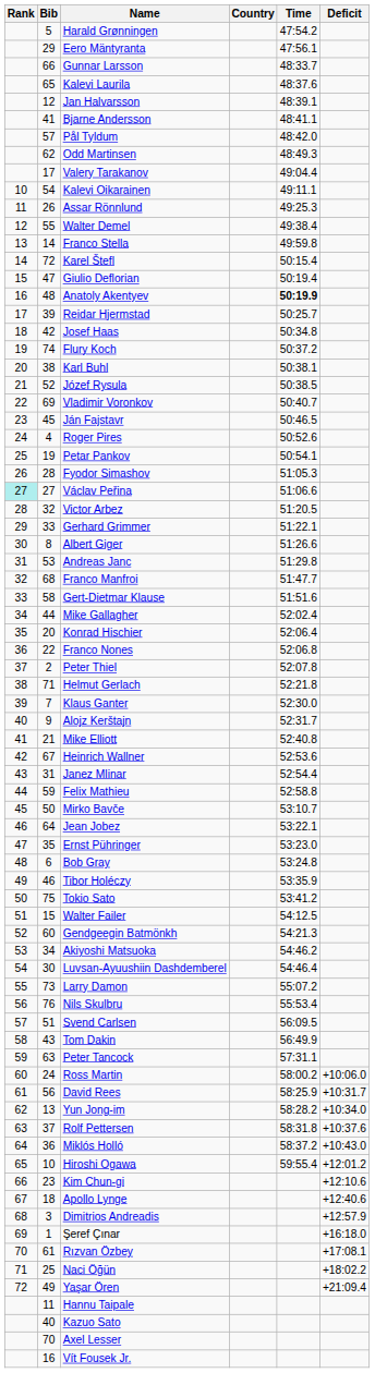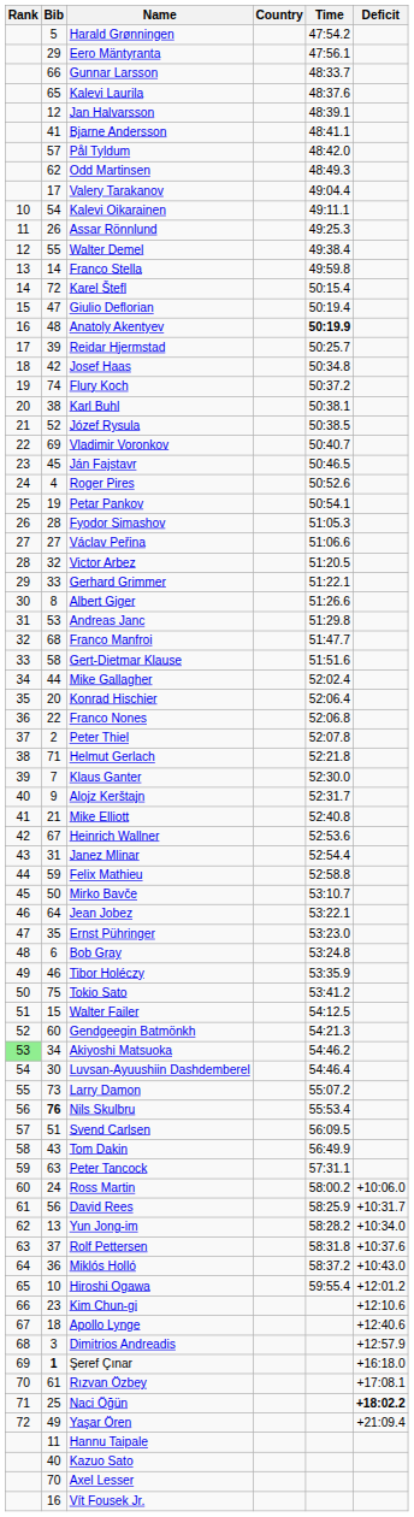 <table class="wikitable sortable" style="text-align:center">
 <tr>
 <th>Rank</th>
 <th>Bib</th>
 <th>Name</th>
 <th>Country</th>
 <th>Time</th>
 <th>Deficit</th>
 </tr>
 <tr>
 <td></td>
 <td>5</td>
 <td align="left"><a href='#'>Harald Grønningen</a></td>
 <td align="left"></td>
 <td>47:54.2</td>
 <td></td>
 </tr>
 <tr>
 <td></td>
 <td>29</td>
 <td align="left"><a href='#'>Eero Mäntyranta</a></td>
 <td align="left"></td>
 <td>47:56.1</td>
 <td align=right></td>
 </tr>
 <tr>
 <td></td>
 <td>66</td>
 <td align="left"><a href='#'>Gunnar Larsson</a></td>
 <td align="left"></td>
 <td>48:33.7</td>
 <td align=right></td>
 </tr>
 <tr>
 <td></td>
 <td>65</td>
 <td align="left"><a href='#'>Kalevi Laurila</a></td>
 <td align="left"></td>
 <td>48:37.6</td>
 <td align=right></td>
 </tr>
 <tr>
 <td></td>
 <td>12</td>
 <td align="left"><a href='#'>Jan Halvarsson</a></td>
 <td align="left"></td>
 <td>48:39.1</td>
 <td align=right></td>
 </tr>
 <tr>
 <td></td>
 <td>41</td>
 <td align="left"><a href='#'>Bjarne Andersson</a></td>
 <td align="left"></td>
 <td>48:41.1</td>
 <td align=right></td>
 </tr>
 <tr>
 <td></td>
 <td>57</td>
 <td align="left"><a href='#'>Pål Tyldum</a></td>
 <td align="left"></td>
 <td>48:42.0</td>
 <td align=right></td>
 </tr>
 <tr>
 <td></td>
 <td>62</td>
 <td align="left"><a href='#'>Odd Martinsen</a></td>
 <td align="left"></td>
 <td>48:49.3</td>
 <td align=right></td>
 </tr>
 <tr>
 <td></td>
 <td>17</td>
 <td align="left"><a href='#'>Valery Tarakanov</a></td>
 <td align="left"></td>
 <td>49:04.4</td>
 <td align=right></td>
 </tr>
 <tr>
 <td>10</td>
 <td>54</td>
 <td align="left"><a href='#'>Kalevi Oikarainen</a></td>
 <td align="left"></td>
 <td>49:11.1</td>
 <td align=right></td>
 </tr>
 <tr>
 <td>11</td>
 <td>26</td>
 <td align="left"><a href='#'>Assar Rönnlund</a></td>
 <td align="left"></td>
 <td>49:25.3</td>
 <td align=right></td>
 </tr>
 <tr>
 <td>12</td>
 <td>55</td>
 <td align="left"><a href='#'>Walter Demel</a></td>
 <td align="left"></td>
 <td>49:38.4</td>
 <td align=right></td>
 </tr>
 <tr>
 <td>13</td>
 <td>14</td>
 <td align="left"><a href='#'>Franco Stella</a></td>
 <td align="left"></td>
 <td>49:59.8</td>
 <td align=right></td>
 </tr>
 <tr>
 <td>14</td>
 <td>72</td>
 <td align="left"><a href='#'>Karel Štefl</a></td>
 <td align="left"></td>
 <td>50:15.4</td>
 <td align=right></td>
 </tr>
 <tr>
 <td>15</td>
 <td>47</td>
 <td align="left"><a href='#'>Giulio Deflorian</a></td>
 <td align="left"></td>
 <td>50:19.4</td>
 <td align=right></td>
 </tr>
 <tr>
 <td>16</td>
 <td>48</td>
 <td align="left"><a href='#'>Anatoly Akentyev</a></td>
 <td align="left"></td>
 <td><strong>50:19.9</strong></td>
 <td align=right></td>
 </tr>
 <tr>
 <td>17</td>
 <td>39</td>
 <td align="left"><a href='#'>Reidar Hjermstad</a></td>
 <td align="left"></td>
 <td>50:25.7</td>
 <td align=right></td>
 </tr>
 <tr>
 <td>18</td>
 <td>42</td>
 <td align="left"><a href='#'>Josef Haas</a></td>
 <td align="left"></td>
 <td>50:34.8</td>
 <td align=right></td>
 </tr>
 <tr>
 <td>19</td>
 <td>74</td>
 <td align="left"><a href='#'>Flury Koch</a></td>
 <td align="left"></td>
 <td>50:37.2</td>
 <td align=right></td>
 </tr>
 <tr>
 <td>20</td>
 <td>38</td>
 <td align="left"><a href='#'>Karl Buhl</a></td>
 <td align="left"></td>
 <td>50:38.1</td>
 <td align=right></td>
 </tr>
 <tr>
 <td>21</td>
 <td>52</td>
 <td align="left"><a href='#'>Józef Rysula</a></td>
 <td align="left"></td>
 <td>50:38.5</td>
 <td align=right></td>
 </tr>
 <tr>
 <td>22</td>
 <td>69</td>
 <td align="left"><a href='#'>Vladimir Voronkov</a></td>
 <td align="left"></td>
 <td>50:40.7</td>
 <td align=right></td>
 </tr>
 <tr>
 <td>23</td>
 <td>45</td>
 <td align="left"><a href='#'>Ján Fajstavr</a></td>
 <td align="left"></td>
 <td>50:46.5</td>
 <td align=right></td>
 </tr>
 <tr>
 <td>24</td>
 <td>4</td>
 <td align="left"><a href='#'>Roger Pires</a></td>
 <td align="left"></td>
 <td>50:52.6</td>
 <td align=right></td>
 </tr>
 <tr>
 <td>25</td>
 <td>19</td>
 <td align="left"><a href='#'>Petar Pankov</a></td>
 <td align="left"></td>
 <td>50:54.1</td>
 <td align=right></td>
 </tr>
 <tr>
 <td>26</td>
 <td>28</td>
 <td align="left"><a href='#'>Fyodor Simashov</a></td>
 <td align="left"></td>
 <td>51:05.3</td>
 <td align=right></td>
 </tr>
 <tr>
-<td style="background: paleturquoise;">27</td>
+<td>27</td>
 <td>27</td>
 <td align="left"><a href='#'>Václav Peřina</a></td>
 <td align="left"></td>
 <td>51:06.6</td>
 <td align=right></td>
 </tr>
 <tr>
 <td>28</td>
 <td>32</td>
 <td align="left"><a href='#'>Victor Arbez</a></td>
 <td align="left"></td>
 <td>51:20.5</td>
 <td align=right></td>
 </tr>
 <tr>
 <td>29</td>
 <td>33</td>
 <td align="left"><a href='#'>Gerhard Grimmer</a></td>
 <td align="left"></td>
 <td>51:22.1</td>
 <td align=right></td>
 </tr>
 <tr>
 <td>30</td>
 <td>8</td>
 <td align="left"><a href='#'>Albert Giger</a></td>
 <td align="left"></td>
 <td>51:26.6</td>
 <td align=right></td>
 </tr>
 <tr>
 <td>31</td>
 <td>53</td>
 <td align="left"><a href='#'>Andreas Janc</a></td>
 <td align="left"></td>
 <td>51:29.8</td>
 <td align=right></td>
 </tr>
 <tr>
 <td>32</td>
 <td>68</td>
 <td align="left"><a href='#'>Franco Manfroi</a></td>
 <td align="left"></td>
 <td>51:47.7</td>
 <td align=right></td>
 </tr>
 <tr>
 <td>33</td>
 <td>58</td>
 <td align="left"><a href='#'>Gert-Dietmar Klause</a></td>
 <td align="left"></td>
 <td>51:51.6</td>
 <td align=right></td>
 </tr>
 <tr>
 <td>34</td>
 <td>44</td>
 <td align="left"><a href='#'>Mike Gallagher</a></td>
 <td align="left"></td>
 <td>52:02.4</td>
 <td align=right></td>
 </tr>
 <tr>
 <td>35</td>
 <td>20</td>
 <td align="left"><a href='#'>Konrad Hischier</a></td>
 <td align="left"></td>
 <td>52:06.4</td>
 <td align=right></td>
 </tr>
 <tr>
 <td>36</td>
 <td>22</td>
 <td align="left"><a href='#'>Franco Nones</a></td>
 <td align="left"></td>
 <td>52:06.8</td>
 <td align=right></td>
 </tr>
 <tr>
 <td>37</td>
 <td>2</td>
 <td align="left"><a href='#'>Peter Thiel</a></td>
 <td align="left"></td>
 <td>52:07.8</td>
 <td align=right></td>
 </tr>
 <tr>
 <td>38</td>
 <td>71</td>
 <td align="left"><a href='#'>Helmut Gerlach</a></td>
 <td align="left"></td>
 <td>52:21.8</td>
 <td align=right></td>
 </tr>
 <tr>
 <td>39</td>
 <td>7</td>
 <td align="left"><a href='#'>Klaus Ganter</a></td>
 <td align="left"></td>
 <td>52:30.0</td>
 <td align=right></td>
 </tr>
 <tr>
 <td>40</td>
 <td>9</td>
 <td align="left"><a href='#'>Alojz Kerštajn</a></td>
 <td align="left"></td>
 <td>52:31.7</td>
 <td align=right></td>
 </tr>
 <tr>
 <td>41</td>
 <td>21</td>
 <td align="left"><a href='#'>Mike Elliott</a></td>
 <td align="left"></td>
 <td>52:40.8</td>
 <td align=right></td>
 </tr>
 <tr>
 <td>42</td>
 <td>67</td>
 <td align="left"><a href='#'>Heinrich Wallner</a></td>
 <td align="left"></td>
 <td>52:53.6</td>
 <td align=right></td>
 </tr>
 <tr>
 <td>43</td>
 <td>31</td>
 <td align="left"><a href='#'>Janez Mlinar</a></td>
 <td align="left"></td>
 <td>52:54.4</td>
 <td align=right></td>
 </tr>
 <tr>
 <td>44</td>
 <td>59</td>
 <td align="left"><a href='#'>Felix Mathieu</a></td>
 <td align="left"></td>
 <td>52:58.8</td>
 <td align=right></td>
 </tr>
 <tr>
 <td>45</td>
 <td>50</td>
 <td align="left"><a href='#'>Mirko Bavče</a></td>
 <td align="left"></td>
 <td>53:10.7</td>
 <td align=right></td>
 </tr>
 <tr>
 <td>46</td>
 <td>64</td>
 <td align="left"><a href='#'>Jean Jobez</a></td>
 <td align="left"></td>
 <td>53:22.1</td>
 <td align=right></td>
 </tr>
 <tr>
 <td>47</td>
 <td>35</td>
 <td align="left"><a href='#'>Ernst Pühringer</a></td>
 <td align="left"></td>
 <td>53:23.0</td>
 <td align=right></td>
 </tr>
 <tr>
 <td>48</td>
 <td>6</td>
 <td align="left"><a href='#'>Bob Gray</a></td>
 <td align="left"></td>
 <td>53:24.8</td>
 <td align=right></td>
 </tr>
 <tr>
 <td>49</td>
 <td>46</td>
 <td align="left"><a href='#'>Tibor Holéczy</a></td>
 <td align="left"></td>
 <td>53:35.9</td>
 <td align=right></td>
 </tr>
 <tr>
 <td>50</td>
 <td>75</td>
 <td align="left"><a href='#'>Tokio Sato</a></td>
 <td align="left"></td>
 <td>53:41.2</td>
 <td align=right></td>
 </tr>
 <tr>
 <td>51</td>
 <td>15</td>
 <td align="left"><a href='#'>Walter Failer</a></td>
 <td align="left"></td>
 <td>54:12.5</td>
 <td align=right></td>
 </tr>
 <tr>
 <td>52</td>
 <td>60</td>
 <td align="left"><a href='#'>Gendgeegin Batmönkh</a></td>
 <td align="left"></td>
 <td>54:21.3</td>
 <td align=right></td>
 </tr>
 <tr>
-<td>53</td>
+<td style="background: lightgreen;">53</td>
 <td>34</td>
 <td align="left"><a href='#'>Akiyoshi Matsuoka</a></td>
 <td align="left"></td>
 <td>54:46.2</td>
 <td align=right></td>
 </tr>
 <tr>
 <td>54</td>
 <td>30</td>
 <td align="left"><a href='#'>Luvsan-Ayuushiin Dashdemberel</a></td>
 <td align="left"></td>
 <td>54:46.4</td>
 <td align=right></td>
 </tr>
 <tr>
 <td>55</td>
 <td>73</td>
 <td align="left"><a href='#'>Larry Damon</a></td>
 <td align="left"></td>
 <td>55:07.2</td>
 <td align=right></td>
 </tr>
 <tr>
 <td>56</td>
-<td>76</td>
+<td><strong>76</strong></td>
 <td align="left"><a href='#'>Nils Skulbru</a></td>
 <td align="left"></td>
 <td>55:53.4</td>
 <td align=right></td>
 </tr>
 <tr>
 <td>57</td>
 <td>51</td>
 <td align="left"><a href='#'>Svend Carlsen</a></td>
 <td align="left"></td>
 <td>56:09.5</td>
 <td align=right></td>
 </tr>
 <tr>
 <td>58</td>
 <td>43</td>
 <td align="left"><a href='#'>Tom Dakin</a></td>
 <td align="left"></td>
 <td>56:49.9</td>
 <td align=right></td>
 </tr>
 <tr>
 <td>59</td>
 <td>63</td>
 <td align="left"><a href='#'>Peter Tancock</a></td>
 <td align="left"></td>
 <td>57:31.1</td>
 <td align=right></td>
 </tr>
 <tr>
 <td>60</td>
 <td>24</td>
 <td align="left"><a href='#'>Ross Martin</a></td>
 <td align="left"></td>
 <td>58:00.2</td>
 <td align=right>+10:06.0</td>
 </tr>
 <tr>
 <td>61</td>
 <td>56</td>
 <td align="left"><a href='#'>David Rees</a></td>
 <td align="left"></td>
 <td>58:25.9</td>
 <td align=right>+10:31.7</td>
 </tr>
 <tr>
 <td>62</td>
 <td>13</td>
 <td align="left"><a href='#'>Yun Jong-im</a></td>
 <td align="left"></td>
 <td>58:28.2</td>
 <td align=right>+10:34.0</td>
 </tr>
 <tr>
 <td>63</td>
 <td>37</td>
 <td align="left"><a href='#'>Rolf Pettersen</a></td>
 <td align="left"></td>
 <td>58:31.8</td>
 <td align=right>+10:37.6</td>
 </tr>
 <tr>
 <td>64</td>
 <td>36</td>
 <td align="left"><a href='#'>Miklós Holló</a></td>
 <td align="left"></td>
 <td>58:37.2</td>
 <td align=right>+10:43.0</td>
 </tr>
 <tr>
 <td>65</td>
 <td>10</td>
 <td align="left"><a href='#'>Hiroshi Ogawa</a></td>
 <td align="left"></td>
 <td>59:55.4</td>
 <td align=right>+12:01.2</td>
 </tr>
 <tr>
 <td>66</td>
 <td>23</td>
 <td align="left"><a href='#'>Kim Chun-gi</a></td>
 <td align="left"></td>
 <td></td>
 <td align=right>+12:10.6</td>
 </tr>
 <tr>
 <td>67</td>
 <td>18</td>
 <td align="left"><a href='#'>Apollo Lynge</a></td>
 <td align="left"></td>
 <td></td>
 <td align=right>+12:40.6</td>
 </tr>
 <tr>
 <td>68</td>
 <td>3</td>
 <td align="left"><a href='#'>Dimitrios Andreadis</a></td>
 <td align="left"></td>
 <td></td>
 <td align=right>+12:57.9</td>
 </tr>
 <tr>
 <td>69</td>
-<td>1</td>
+<td><strong>1</strong></td>
 <td align="left">Şeref Çınar</td>
 <td align="left"></td>
 <td></td>
 <td align=right>+16:18.0</td>
 </tr>
 <tr>
 <td>70</td>
 <td>61</td>
 <td align="left"><a href='#'>Rızvan Özbey</a></td>
 <td align="left"></td>
 <td></td>
 <td align=right>+17:08.1</td>
 </tr>
 <tr>
 <td>71</td>
 <td>25</td>
 <td align="left"><a href='#'>Naci Öğün</a></td>
 <td align="left"></td>
 <td></td>
-<td align=right>+18:02.2</td>
+<td align=right><strong>+18:02.2</strong></td>
 </tr>
 <tr>
 <td>72</td>
 <td>49</td>
 <td align="left"><a href='#'>Yaşar Ören</a></td>
 <td align="left"></td>
 <td></td>
 <td align=right>+21:09.4</td>
 </tr>
 <tr>
 <td></td>
 <td>11</td>
 <td align="left"><a href='#'>Hannu Taipale</a></td>
 <td align="left"></td>
 <td></td>
 <td></td>
 </tr>
 <tr>
 <td></td>
 <td>40</td>
 <td align="left"><a href='#'>Kazuo Sato</a></td>
 <td align="left"></td>
 <td></td>
 <td></td>
 </tr>
 <tr>
 <td></td>
 <td>70</td>
 <td align="left"><a href='#'>Axel Lesser</a></td>
 <td align="left"></td>
 <td></td>
 <td></td>
 </tr>
 <tr>
 <td></td>
 <td>16</td>
 <td align="left"><a href='#'>Vít Fousek Jr.</a></td>
 <td align="left"></td>
 <td></td>
 <td></td>
 </tr>
 </table>
